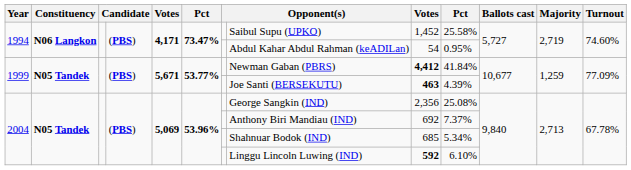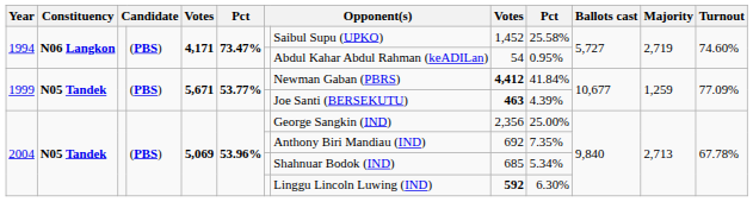 <table class="wikitable" style="margin:0.5em ; font-size:95%">
 <tr>
 <th>Year</th>
 <th>Constituency</th>
 <th colspan=2>Candidate</th>
 <th>Votes</th>
 <th>Pct</th>
 <th colspan=2>Opponent(s)</th>
 <th>Votes</th>
 <th>Pct</th>
 <th>Ballots cast</th>
 <th>Majority</th>
 <th>Turnout</th>
 </tr>
 <tr>
 <td rowspan=2><a href='#'>1994</a></td>
 <td rowspan=2><strong>N06 <a href='#'>Langkon</a></strong></td>
 <td rowspan=2 ></td>
 <td rowspan=2> (<a href='#'><strong>PBS</strong></a>)</td>
 <td rowspan=2 align="right"><strong>4,171</strong></td>
 <td rowspan=2><strong>73.47%</strong></td>
 <td></td>
 <td>Saibul Supu (<a href='#'>UPKO</a>)</td>
 <td align="right">1,452</td>
 <td>25.58%</td>
 <td rowspan=2>5,727</td>
 <td rowspan=2>2,719</td>
 <td rowspan=2>74.60%</td>
 </tr>
 <tr>
 <td></td>
 <td>Abdul Kahar Abdul Rahman (<a href='#'>keADILan</a>)</td>
 <td align="right">54</td>
 <td>0.95%</td>
 </tr>
 <tr>
 <td rowspan=2><a href='#'>1999</a></td>
 <td rowspan=2><strong>N05 <a href='#'>Tandek</a></strong></td>
 <td rowspan=2 ></td>
 <td rowspan=2> (<a href='#'><strong>PBS</strong></a>)</td>
 <td rowspan=2 align="right"><strong>5,671</strong></td>
 <td rowspan=2><strong>53.77%</strong></td>
 <td></td>
 <td>Newman Gaban (<a href='#'>PBRS</a>)</td>
 <td align="right"><strong>4,412</strong></td>
 <td>41.84%</td>
 <td rowspan=2>10,677</td>
 <td rowspan=2>1,259</td>
 <td rowspan=2>77.09%</td>
 </tr>
 <tr>
 <td></td>
 <td>Joe Santi (<a href='#'>BERSEKUTU</a>)</td>
 <td align="right"><strong>463</strong></td>
 <td>4.39%</td>
 </tr>
 <tr>
 <td rowspan=4><a href='#'>2004</a></td>
 <td rowspan=4><strong>N05 <a href='#'>Tandek</a></strong></td>
 <td rowspan=4 ></td>
 <td rowspan=4> (<a href='#'><strong>PBS</strong></a>)</td>
 <td rowspan=4 align="right"><strong>5,069</strong></td>
 <td rowspan=4><strong>53.96%</strong></td>
 <td></td>
 <td>George Sangkin (<a href='#'>IND</a>)</td>
 <td align="right">2,356</td>
-<td>25.08%</td>
+<td>25.00%</td>
 <td rowspan=4>9,840</td>
 <td rowspan=4>2,713</td>
 <td rowspan=4>67.78%</td>
 </tr>
 <tr>
 <td></td>
 <td>Anthony Biri Mandiau (<a href='#'>IND</a>)</td>
 <td align="right">692</td>
-<td>7.37%</td>
+<td>7.35%</td>
 </tr>
 <tr>
 <td></td>
 <td>Shahnuar Bodok (<a href='#'>IND</a>)</td>
 <td align="right">685</td>
 <td>5.34%</td>
 </tr>
 <tr>
 <td></td>
 <td>Linggu Lincoln Luwing (<a href='#'>IND</a>)</td>
 <td align="right"><strong>592</strong></td>
-<td align="right">6.10%</td>
+<td align="right">6.30%</td>
 </tr>
 </table>
